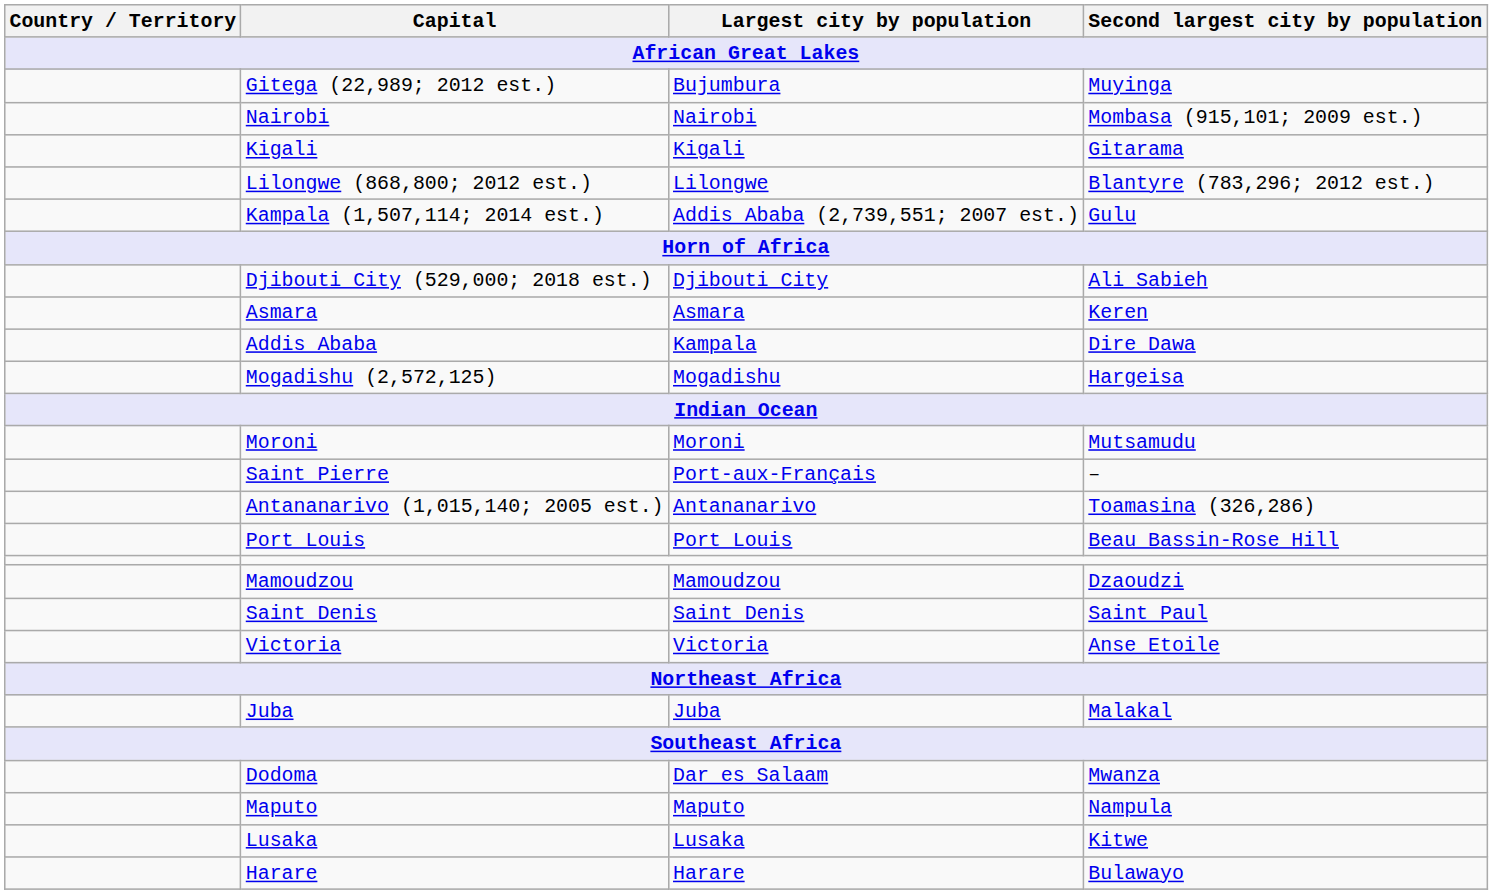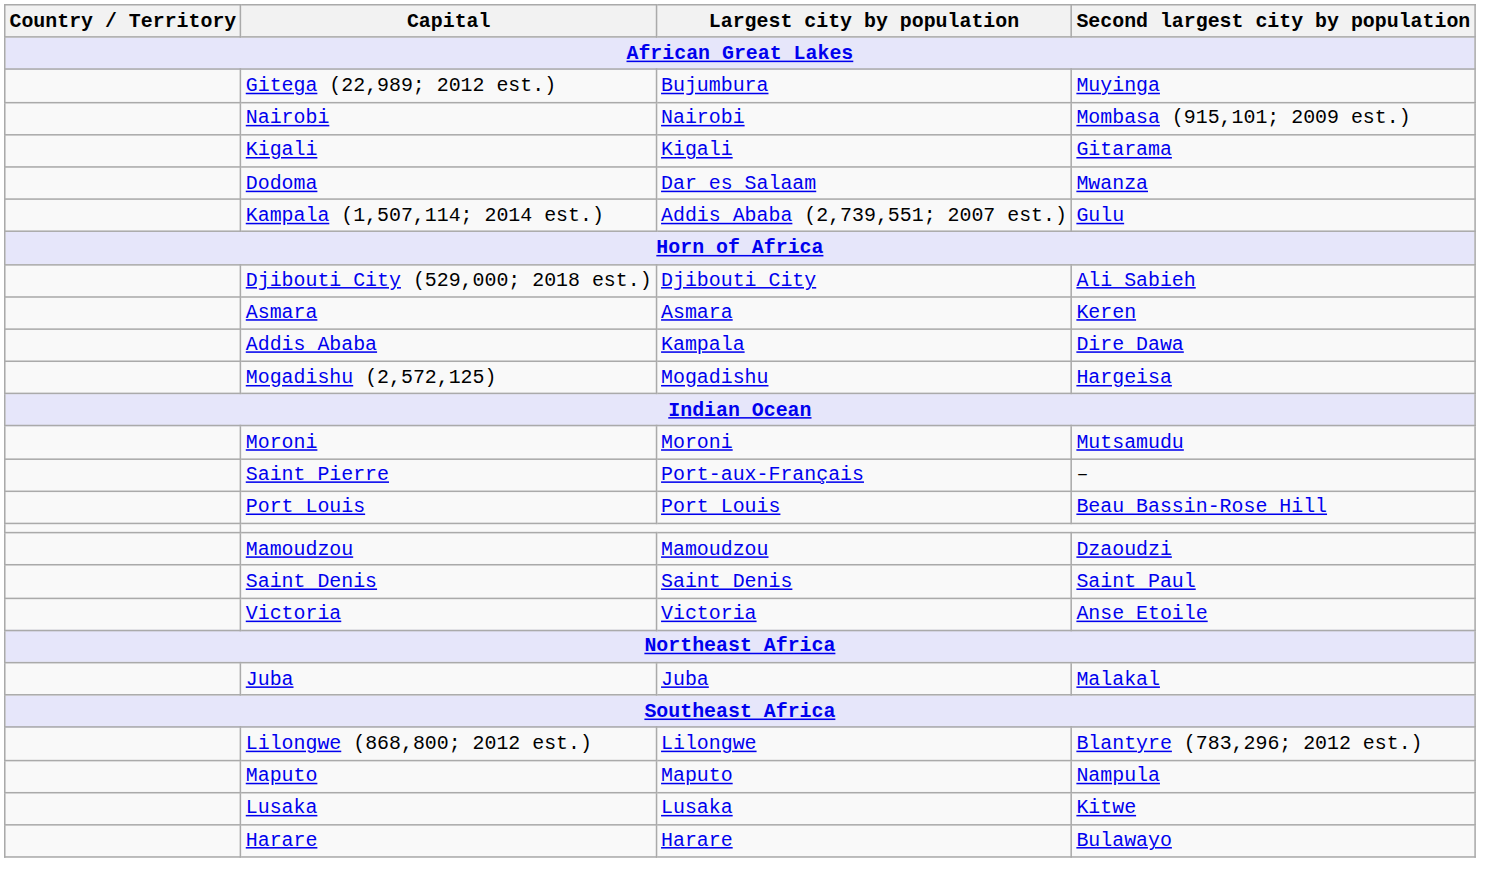 <table class="wikitable">
 <tr>
 <th>Country / Territory</th>
 <th>Capital</th>
 <th>Largest city by population</th>
 <th>Second largest city by population</th>
 </tr>
 <tr>
 <th style="align: center; background: lavender;" colspan="4"><strong><a href='#'>African Great Lakes</a></strong></th>
 </tr>
 <tr>
 <td></td>
 <td><a href='#'>Gitega</a> (22,989; 2012 est.)</td>
 <td><a href='#'>Bujumbura</a></td>
 <td><a href='#'>Muyinga</a></td>
 </tr>
 <tr>
 <td></td>
 <td><a href='#'>Nairobi</a></td>
 <td><a href='#'>Nairobi</a></td>
 <td><a href='#'>Mombasa</a> (915,101; 2009 est.)</td>
 </tr>
 <tr>
 <td></td>
 <td><a href='#'>Kigali</a></td>
 <td><a href='#'>Kigali</a></td>
 <td><a href='#'>Gitarama</a></td>
 </tr>
 <tr>
 <td></td>
-<td><a href='#'>Lilongwe</a> (868,800; 2012 est.)</td>
-<td><a href='#'>Lilongwe</a></td>
-<td><a href='#'>Blantyre</a> (783,296; 2012 est.)</td>
+<td><a href='#'>Dodoma</a></td>
+<td><a href='#'>Dar es Salaam</a></td>
+<td><a href='#'>Mwanza</a></td>
 </tr>
 <tr>
 <td></td>
 <td><a href='#'>Kampala</a> (1,507,114; 2014 est.)</td>
 <td><a href='#'>Addis Ababa</a> (2,739,551; 2007 est.)</td>
 <td><a href='#'>Gulu</a></td>
 </tr>
 <tr>
 <th style="align: center; background: lavender;" colspan="4"><strong><a href='#'>Horn of Africa</a></strong></th>
 </tr>
 <tr>
 <td></td>
 <td><a href='#'>Djibouti City</a> (529,000; 2018 est.)</td>
 <td><a href='#'>Djibouti City</a></td>
 <td><a href='#'>Ali Sabieh</a></td>
 </tr>
 <tr>
 <td></td>
 <td><a href='#'>Asmara</a></td>
 <td><a href='#'>Asmara</a></td>
 <td><a href='#'>Keren</a></td>
 </tr>
 <tr>
 <td></td>
 <td><a href='#'>Addis Ababa</a></td>
 <td><a href='#'>Kampala</a></td>
 <td><a href='#'>Dire Dawa</a></td>
 </tr>
 <tr>
 <td></td>
 <td><a href='#'>Mogadishu</a> (2,572,125)</td>
 <td><a href='#'>Mogadishu</a></td>
 <td><a href='#'>Hargeisa</a></td>
 </tr>
 <tr>
 <th style="align: center; background: lavender;" colspan="4"><strong><a href='#'>Indian Ocean</a></strong></th>
 </tr>
 <tr>
 <td></td>
 <td><a href='#'>Moroni</a></td>
 <td><a href='#'>Moroni</a></td>
 <td><a href='#'>Mutsamudu</a></td>
 </tr>
 <tr>
 <td></td>
 <td><a href='#'>Saint Pierre</a></td>
 <td><a href='#'>Port-aux-Français</a></td>
 <td>–</td>
 </tr>
 <tr>
 <td></td>
-<td><a href='#'>Antananarivo</a> (1,015,140; 2005 est.)</td>
-<td><a href='#'>Antananarivo</a></td>
-<td><a href='#'>Toamasina</a> (326,286)</td>
-</tr>
-<tr>
-<td></td>
 <td><a href='#'>Port Louis</a></td>
 <td><a href='#'>Port Louis</a></td>
 <td><a href='#'>Beau Bassin-Rose Hill</a></td>
 </tr>
 <tr>
 <td></td>
 </tr>
 <tr>
 <td></td>
 <td><a href='#'>Mamoudzou</a></td>
 <td><a href='#'>Mamoudzou</a></td>
 <td><a href='#'>Dzaoudzi</a></td>
 </tr>
 <tr>
 <td></td>
 <td><a href='#'>Saint Denis</a></td>
 <td><a href='#'>Saint Denis</a></td>
 <td><a href='#'>Saint Paul</a></td>
 </tr>
 <tr>
 <td></td>
 <td><a href='#'>Victoria</a></td>
 <td><a href='#'>Victoria</a></td>
 <td><a href='#'>Anse Etoile</a></td>
 </tr>
 <tr>
 <th style="align: center; background: lavender;" colspan="4"><strong><a href='#'>Northeast Africa</a></strong></th>
 </tr>
 <tr>
 <td></td>
 <td><a href='#'>Juba</a></td>
 <td><a href='#'>Juba</a></td>
 <td><a href='#'>Malakal</a></td>
 </tr>
 <tr>
 <th style="align: center; background: lavender;" colspan="4"><strong><a href='#'>Southeast Africa</a></strong></th>
 </tr>
 <tr>
 <td></td>
-<td><a href='#'>Dodoma</a></td>
-<td><a href='#'>Dar es Salaam</a></td>
-<td><a href='#'>Mwanza</a></td>
+<td><a href='#'>Lilongwe</a> (868,800; 2012 est.)</td>
+<td><a href='#'>Lilongwe</a></td>
+<td><a href='#'>Blantyre</a> (783,296; 2012 est.)</td>
 </tr>
 <tr>
 <td></td>
 <td><a href='#'>Maputo</a></td>
 <td><a href='#'>Maputo</a></td>
 <td><a href='#'>Nampula</a></td>
 </tr>
 <tr>
 <td></td>
 <td><a href='#'>Lusaka</a></td>
 <td><a href='#'>Lusaka</a></td>
 <td><a href='#'>Kitwe</a></td>
 </tr>
 <tr>
 <td></td>
 <td><a href='#'>Harare</a></td>
 <td><a href='#'>Harare</a></td>
 <td><a href='#'>Bulawayo</a></td>
 </tr>
 </table>
